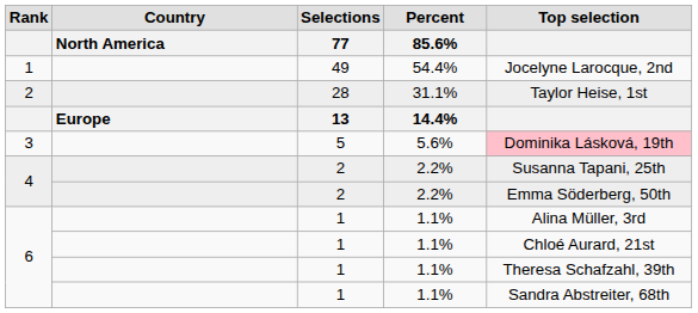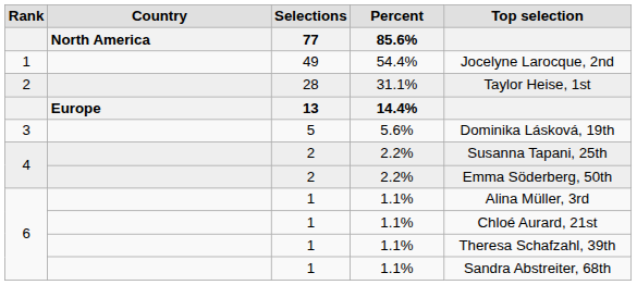 <table class="wikitable" style="text-align: center">
 <tr>
 <th style="background:#e0e0e0; width:2.5em;">Rank</th>
 <th style="background:#e0e0e0; width:15em;">Country</th>
 <th style="background:#e0e0e0; width:4em;">Selections</th>
 <th style="background:#e0e0e0; width:6em;">Percent</th>
 <th style="background:#e0e0e0; width:12.5em;">Top selection</th>
 </tr>
 <tr>
 <th></th>
 <th style="text-align:left;">North America</th>
 <th>77</th>
 <th>85.6%</th>
 <th></th>
 </tr>
 <tr>
 <td>1</td>
 <td style="text-align:left;"></td>
 <td>49</td>
 <td>54.4%</td>
 <td>Jocelyne Larocque, 2nd</td>
 </tr>
 <tr bgcolor="eeeeee">
 <td>2</td>
 <td style="text-align:left;"></td>
 <td>28</td>
 <td>31.1%</td>
 <td>Taylor Heise, 1st</td>
 </tr>
 <tr>
 <th></th>
 <th style="text-align:left;">Europe</th>
 <th>13</th>
 <th>14.4%</th>
 <th></th>
 </tr>
 <tr>
 <td>3</td>
 <td style="text-align:left;"></td>
 <td>5</td>
 <td>5.6%</td>
-<td style="background: pink;">Dominika Lásková, 19th</td>
+<td>Dominika Lásková, 19th</td>
 </tr>
 <tr bgcolor="eeeeee">
 <td rowspan="2">4</td>
 <td style="text-align:left;"></td>
 <td>2</td>
 <td>2.2%</td>
 <td>Susanna Tapani, 25th</td>
 </tr>
 <tr bgcolor="eeeeee">
 <td style="text-align:left;"></td>
 <td>2</td>
 <td>2.2%</td>
 <td>Emma Söderberg, 50th</td>
 </tr>
 <tr>
 <td rowspan="4">6</td>
 <td style="text-align:left;"></td>
 <td>1</td>
 <td>1.1%</td>
 <td>Alina Müller, 3rd</td>
 </tr>
 <tr>
 <td style="text-align:left;"></td>
 <td>1</td>
 <td>1.1%</td>
 <td>Chloé Aurard, 21st</td>
 </tr>
 <tr>
 <td style="text-align:left;"></td>
 <td>1</td>
 <td>1.1%</td>
 <td>Theresa Schafzahl, 39th</td>
 </tr>
 <tr>
 <td style="text-align:left;"></td>
 <td>1</td>
 <td>1.1%</td>
 <td>Sandra Abstreiter, 68th</td>
 </tr>
 </table>
